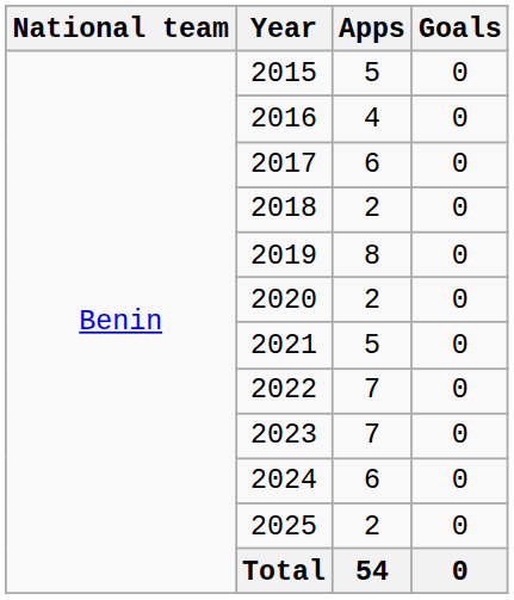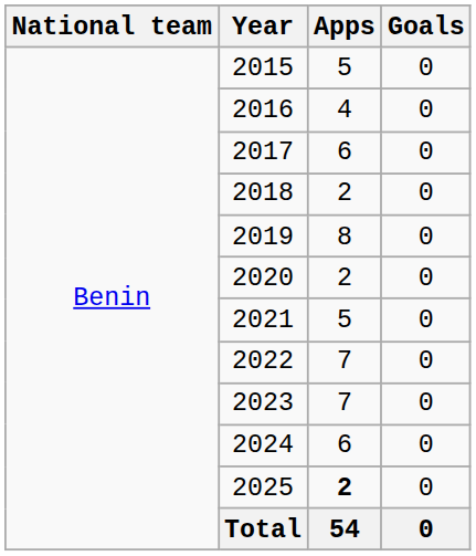 <table class="wikitable" style="text-align:center">
 <tr>
 <th>National team</th>
 <th>Year</th>
 <th>Apps</th>
 <th>Goals</th>
 </tr>
 <tr>
 <td rowspan="12"><a href='#'>Benin</a></td>
 <td>2015</td>
 <td>5</td>
 <td>0</td>
 </tr>
 <tr>
 <td>2016</td>
 <td>4</td>
 <td>0</td>
 </tr>
 <tr>
 <td>2017</td>
 <td>6</td>
 <td>0</td>
 </tr>
 <tr>
 <td>2018</td>
 <td>2</td>
 <td>0</td>
 </tr>
 <tr>
 <td>2019</td>
 <td>8</td>
 <td>0</td>
 </tr>
 <tr>
 <td>2020</td>
 <td>2</td>
 <td>0</td>
 </tr>
 <tr>
 <td>2021</td>
 <td>5</td>
 <td>0</td>
 </tr>
 <tr>
 <td>2022</td>
 <td>7</td>
 <td>0</td>
 </tr>
 <tr>
 <td>2023</td>
 <td>7</td>
 <td>0</td>
 </tr>
 <tr>
 <td>2024</td>
 <td>6</td>
 <td>0</td>
 </tr>
 <tr>
 <td>2025</td>
-<td>2</td>
+<td><strong>2</strong></td>
 <td>0</td>
 </tr>
 <tr>
 <th>Total</th>
 <th>54</th>
 <th>0</th>
 </tr>
 </table>
